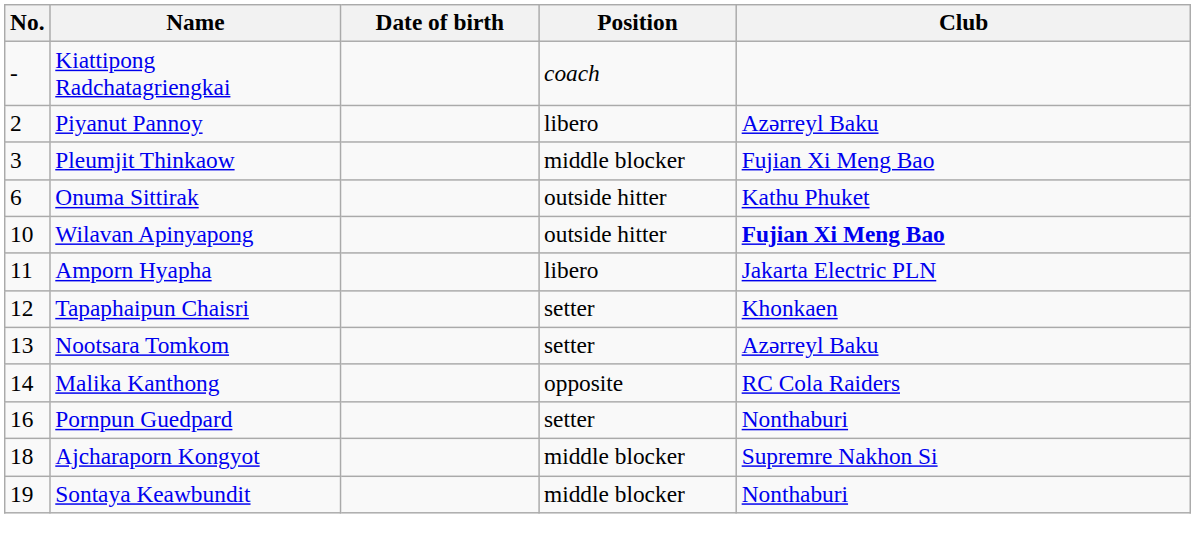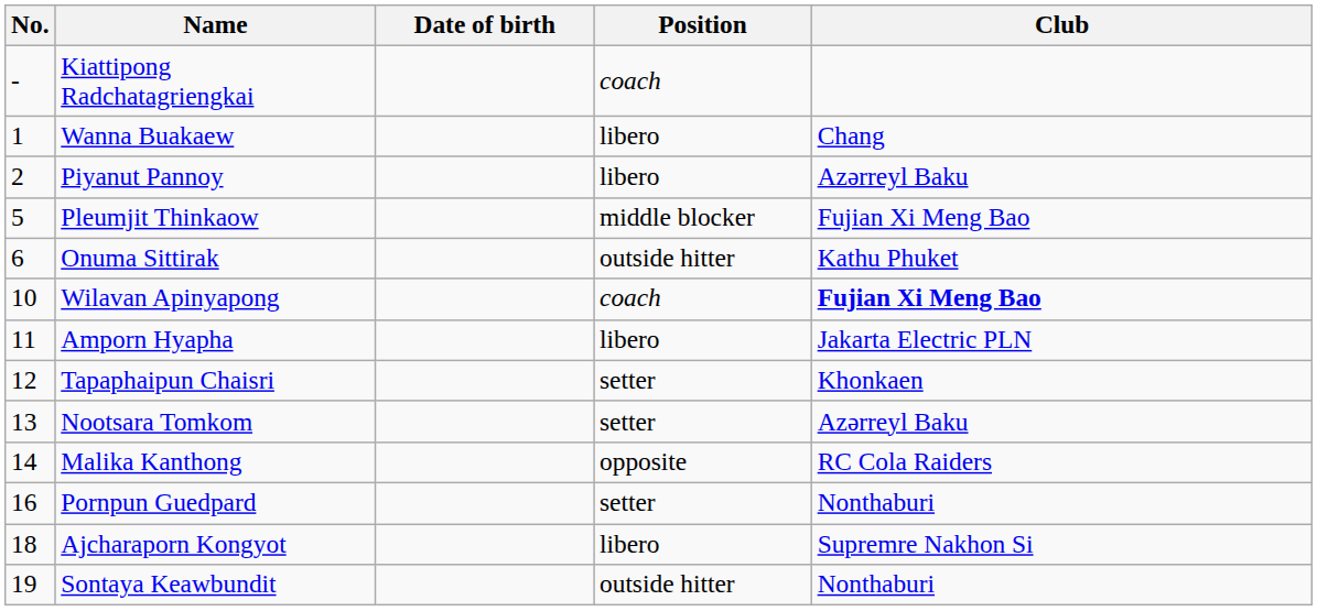 <table class=wikitable sortable style=font-size:100%; text-align:center;>
 <tr>
 <th>No.</th>
 <th style=width:12em>Name</th>
 <th style=width:8em>Date of birth</th>
 <th style=width:8em>Position</th>
 <th style=width:19em>Club</th>
 </tr>
 <tr>
 <td>-</td>
 <td><a href='#'>Kiattipong Radchatagriengkai</a></td>
 <td></td>
 <td><em>coach</em></td>
 <td></td>
 </tr>
 <tr>
+<td>1</td>
+<td><a href='#'>Wanna Buakaew</a></td>
+<td></td>
+<td>libero</td>
+<td> <a href='#'> Chang</a></td>
+</tr>
+<tr>
 <td>2</td>
 <td><a href='#'>Piyanut Pannoy</a></td>
 <td></td>
 <td>libero</td>
 <td> <a href='#'>Azərreyl Baku</a></td>
 </tr>
 <tr>
-<td>3</td>
+<td>5</td>
 <td><a href='#'>Pleumjit Thinkaow</a></td>
 <td></td>
 <td>middle blocker</td>
 <td> <a href='#'>Fujian Xi Meng Bao</a></td>
 </tr>
 <tr>
 <td>6</td>
 <td><a href='#'>Onuma Sittirak</a></td>
 <td></td>
 <td>outside hitter</td>
 <td> <a href='#'>Kathu Phuket</a></td>
 </tr>
 <tr>
 <td>10</td>
 <td><a href='#'>Wilavan Apinyapong </a></td>
 <td></td>
-<td>outside hitter</td>
+<td><em>coach</em></td>
 <td><strong> <a href='#'>Fujian Xi Meng Bao</a></strong></td>
 </tr>
 <tr>
 <td>11</td>
 <td><a href='#'>Amporn Hyapha</a></td>
 <td></td>
 <td>libero</td>
 <td> <a href='#'>Jakarta Electric PLN</a></td>
 </tr>
 <tr>
 <td>12</td>
 <td><a href='#'>Tapaphaipun Chaisri</a></td>
 <td></td>
 <td>setter</td>
 <td> <a href='#'>Khonkaen</a></td>
 </tr>
 <tr>
 <td>13</td>
 <td><a href='#'>Nootsara Tomkom</a></td>
 <td></td>
 <td>setter</td>
 <td> <a href='#'>Azərreyl Baku</a></td>
 </tr>
 <tr>
 <td>14</td>
 <td><a href='#'>Malika Kanthong</a></td>
 <td></td>
 <td>opposite</td>
 <td> <a href='#'>RC Cola Raiders</a></td>
 </tr>
 <tr>
 <td>16</td>
 <td><a href='#'>Pornpun Guedpard</a></td>
 <td></td>
 <td>setter</td>
 <td> <a href='#'>  Nonthaburi</a></td>
 </tr>
 <tr>
 <td>18</td>
 <td><a href='#'>Ajcharaporn Kongyot</a></td>
 <td></td>
-<td>middle blocker</td>
+<td>libero</td>
 <td> <a href='#'>Supremre Nakhon Si</a></td>
 </tr>
 <tr>
 <td>19</td>
 <td><a href='#'>Sontaya Keawbundit</a></td>
 <td></td>
-<td>middle blocker</td>
+<td>outside hitter</td>
 <td> <a href='#'>  Nonthaburi</a></td>
 </tr>
 </table>
